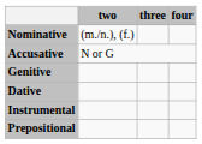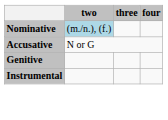 <table class="wikitable" style="display: inline-table;">
 <tr>
 <th></th>
 <th style="background:#C0C0C0">two</th>
 <th style="background:#C0C0C0">three</th>
 <th style="background:#C0C0C0">four</th>
 </tr>
 <tr>
 <td style="background:#C0C0C0"><strong>Nominative</strong></td>
-<td> (m./n.),  (f.)</td>
+<td style="background: lightblue;"> (m./n.),  (f.)</td>
 <td></td>
 <td></td>
 </tr>
 <tr>
 <td style="background:#C0C0C0"><strong>Accusative</strong></td>
 <td colspan="3">N or G</td>
 </tr>
 <tr>
 <td style="background:#C0C0C0"><strong>Genitive</strong></td>
 <td></td>
 <td></td>
 <td></td>
 </tr>
 <tr>
-<td style="background:#C0C0C0"><strong>Dative</strong></td>
-<td></td>
-<td></td>
-<td></td>
-</tr>
-<tr>
 <td style="background:#C0C0C0"><strong>Instrumental</strong></td>
 <td></td>
 <td></td>
 <td></td>
 </tr>
-<tr>
-<td style="background:#C0C0C0"><strong>Prepositional</strong></td>
-<td></td>
-<td></td>
-<td></td>
-</tr>
 </table>
